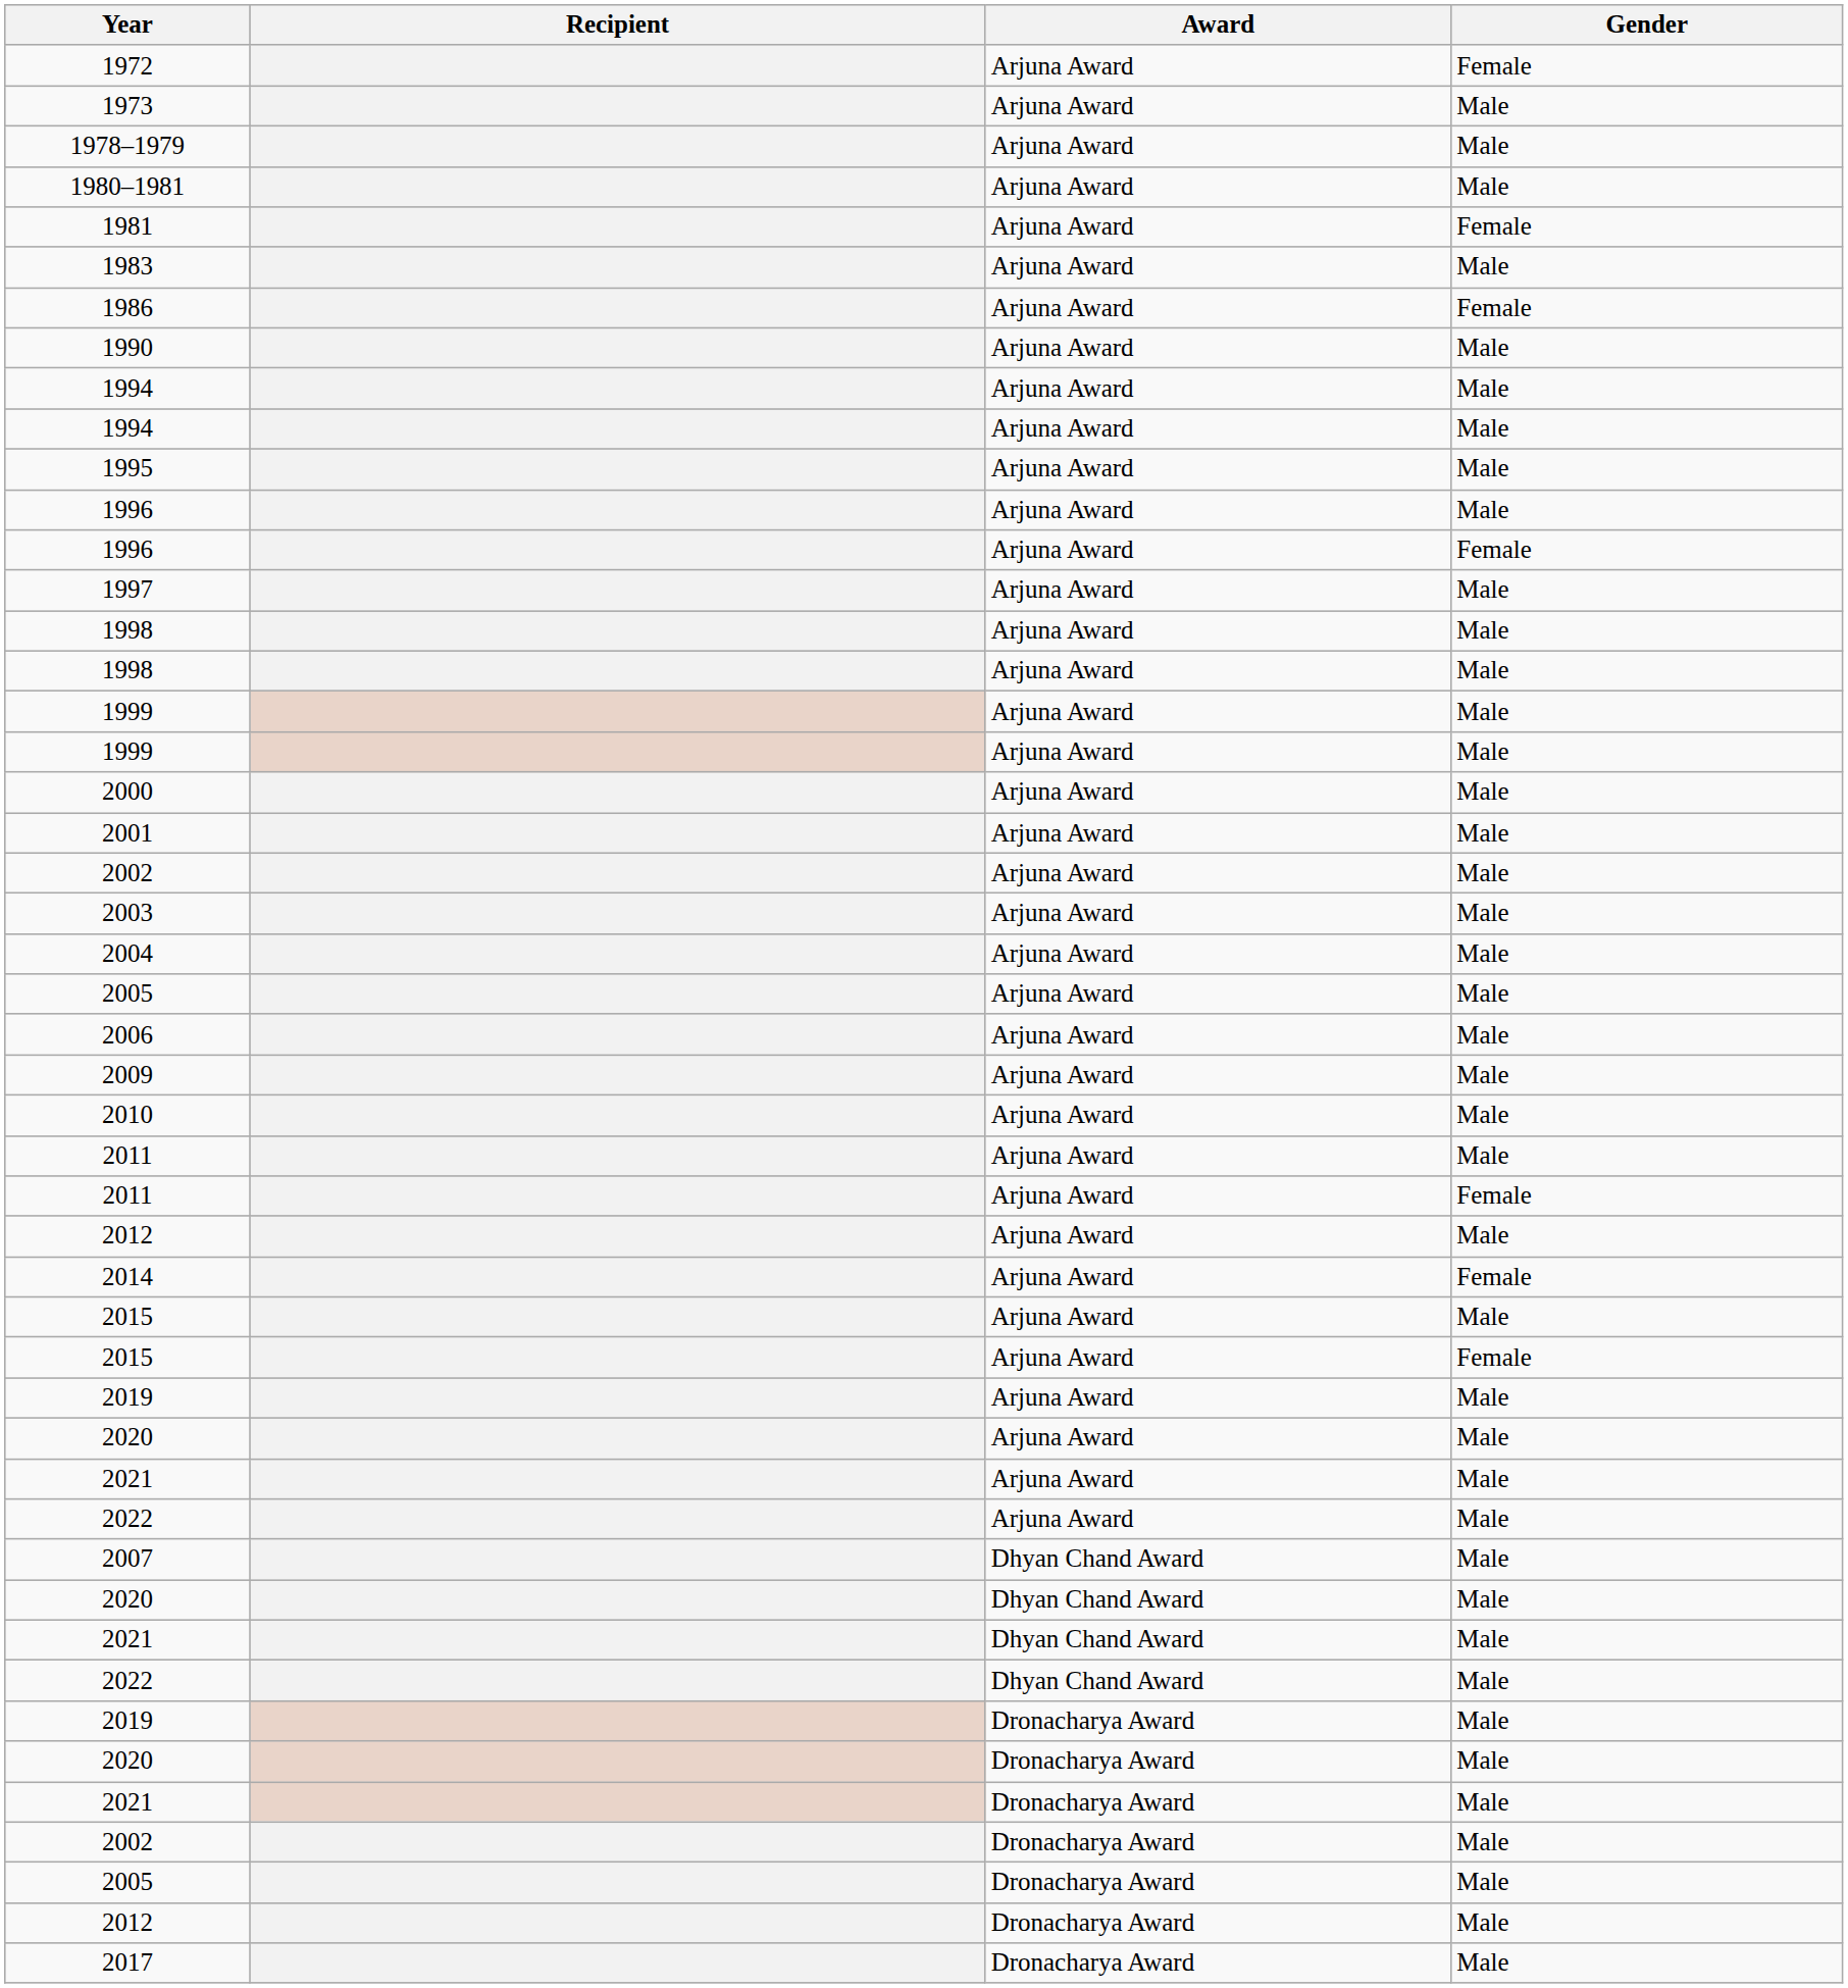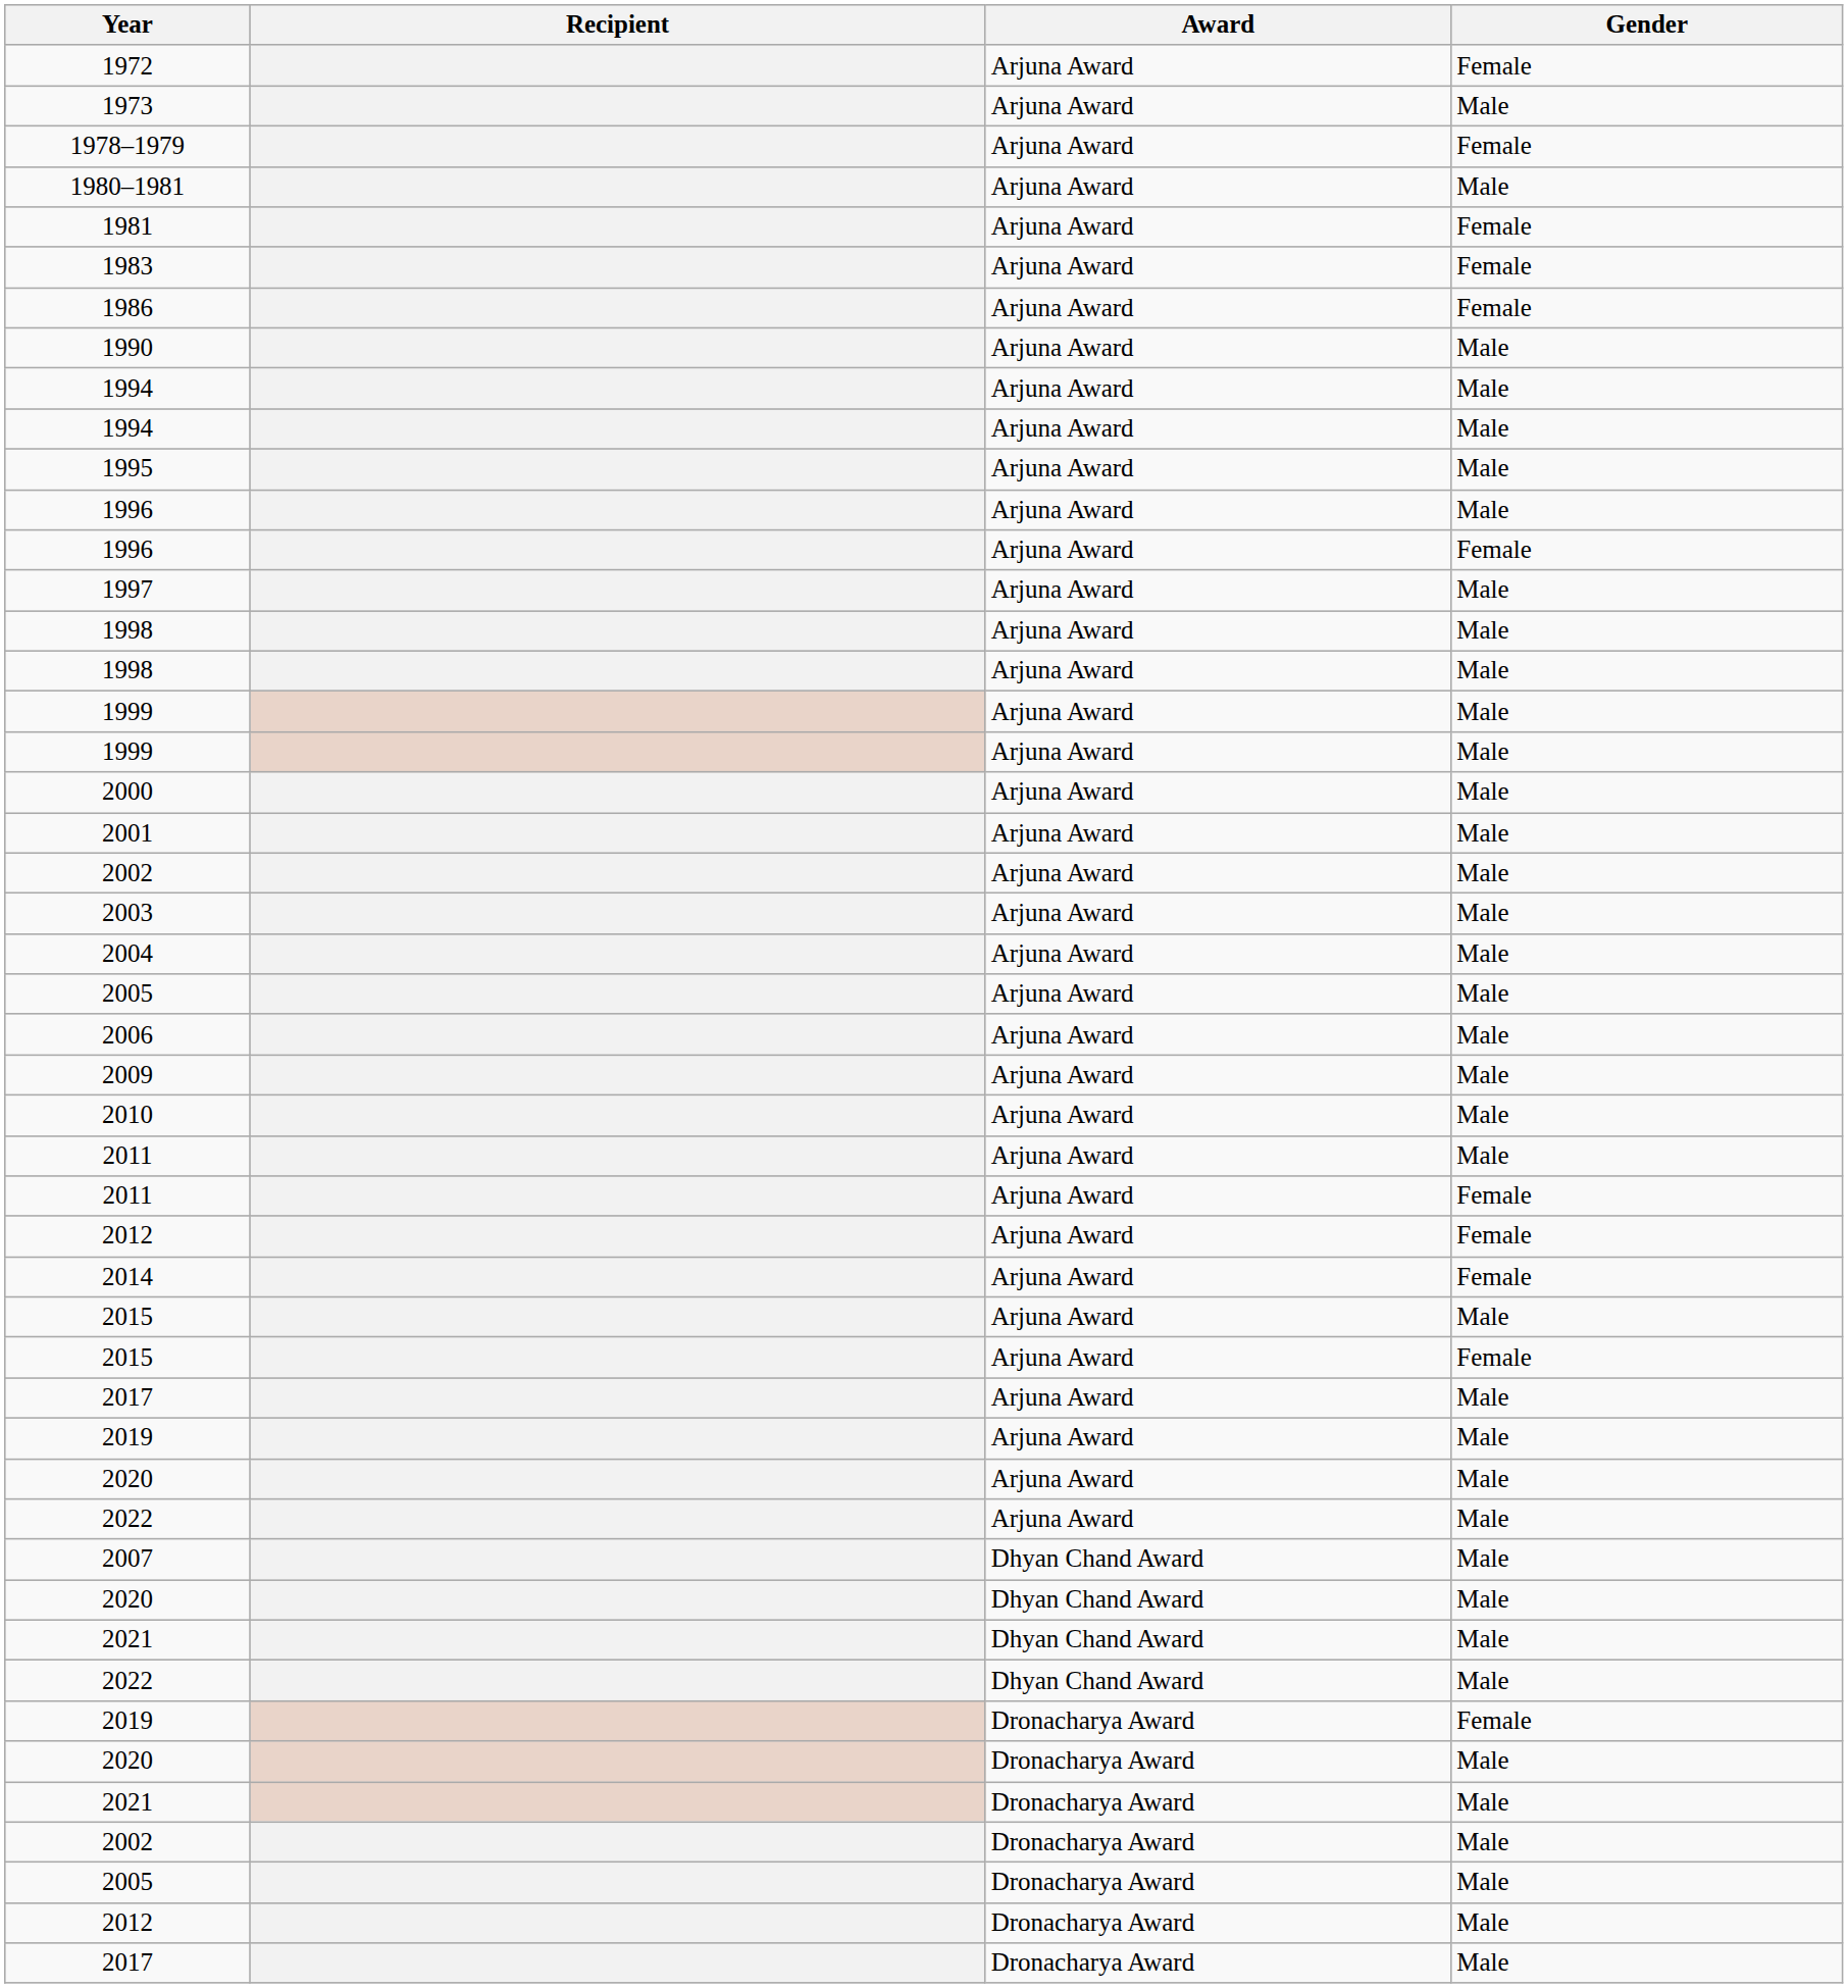 <table class="wikitable plainrowheaders sortable" style="width:73%">
 <tr>
 <th scope="col" style="width:10%">Year</th>
 <th scope="col" style="width:30%">Recipient</th>
 <th scope="col" style="width:19%">Award</th>
 <th scope="col" style="width:16%">Gender</th>
 </tr>
 <tr>
 <td style="text-align:center;">1972</td>
 <th scope="row"></th>
 <td>Arjuna Award</td>
 <td>Female</td>
 </tr>
 <tr>
 <td style="text-align:center;">1973</td>
 <th scope="row"></th>
 <td>Arjuna Award</td>
 <td>Male</td>
 </tr>
 <tr>
 <td style="text-align:center;">1978–1979</td>
 <th scope="row"></th>
 <td>Arjuna Award</td>
-<td>Male</td>
+<td>Female</td>
 </tr>
 <tr>
 <td style="text-align:center;">1980–1981</td>
 <th scope="row"></th>
 <td>Arjuna Award</td>
 <td>Male</td>
 </tr>
 <tr>
 <td style="text-align:center;">1981</td>
 <th scope="row"></th>
 <td>Arjuna Award</td>
 <td>Female</td>
 </tr>
 <tr>
 <td style="text-align:center;">1983</td>
 <th scope="row"></th>
 <td>Arjuna Award</td>
-<td>Male</td>
+<td>Female</td>
 </tr>
 <tr>
 <td style="text-align:center;">1986</td>
 <th scope="row"></th>
 <td>Arjuna Award</td>
 <td>Female</td>
 </tr>
 <tr>
 <td style="text-align:center;">1990</td>
 <th scope="row"></th>
 <td>Arjuna Award</td>
 <td>Male</td>
 </tr>
 <tr>
 <td style="text-align:center;">1994</td>
 <th scope="row"></th>
 <td>Arjuna Award</td>
 <td>Male</td>
 </tr>
 <tr>
 <td style="text-align:center;">1994</td>
 <th scope="row"></th>
 <td>Arjuna Award</td>
 <td>Male</td>
 </tr>
 <tr>
 <td style="text-align:center;">1995</td>
 <th scope="row"></th>
 <td>Arjuna Award</td>
 <td>Male</td>
 </tr>
 <tr>
 <td style="text-align:center;">1996</td>
 <th scope="row"></th>
 <td>Arjuna Award</td>
 <td>Male</td>
 </tr>
 <tr>
 <td style="text-align:center;">1996</td>
 <th scope="row"></th>
 <td>Arjuna Award</td>
 <td>Female</td>
 </tr>
 <tr>
 <td style="text-align:center;">1997</td>
 <th scope="row"></th>
 <td>Arjuna Award</td>
 <td>Male</td>
 </tr>
 <tr>
 <td style="text-align:center;">1998</td>
 <th scope="row"></th>
 <td>Arjuna Award</td>
 <td>Male</td>
 </tr>
 <tr>
 <td style="text-align:center;">1998</td>
 <th scope="row"></th>
 <td>Arjuna Award</td>
 <td>Male</td>
 </tr>
 <tr>
 <td style="text-align:center;">1999</td>
 <th scope="row" style="background-color:#E9D4C9"> </th>
 <td>Arjuna Award</td>
 <td>Male</td>
 </tr>
 <tr>
 <td style="text-align:center;">1999</td>
 <th scope="row" style="background-color:#E9D4C9"> </th>
 <td>Arjuna Award</td>
 <td>Male</td>
 </tr>
 <tr>
 <td style="text-align:center;">2000</td>
 <th scope="row"></th>
 <td>Arjuna Award</td>
 <td>Male</td>
 </tr>
 <tr>
 <td style="text-align:center;">2001</td>
 <th scope="row"></th>
 <td>Arjuna Award</td>
 <td>Male</td>
 </tr>
 <tr>
 <td style="text-align:center;">2002</td>
 <th scope="row"></th>
 <td>Arjuna Award</td>
 <td>Male</td>
 </tr>
 <tr>
 <td style="text-align:center;">2003</td>
 <th scope="row"></th>
 <td>Arjuna Award</td>
 <td>Male</td>
 </tr>
 <tr>
 <td style="text-align:center;">2004</td>
 <th scope="row"></th>
 <td>Arjuna Award</td>
 <td>Male</td>
 </tr>
 <tr>
 <td style="text-align:center;">2005</td>
 <th scope="row"></th>
 <td>Arjuna Award</td>
 <td>Male</td>
 </tr>
 <tr>
 <td style="text-align:center;">2006</td>
 <th scope="row"></th>
 <td>Arjuna Award</td>
 <td>Male</td>
 </tr>
 <tr>
 <td style="text-align:center;">2009</td>
 <th scope="row"></th>
 <td>Arjuna Award</td>
 <td>Male</td>
 </tr>
 <tr>
 <td style="text-align:center;">2010</td>
 <th scope="row"></th>
 <td>Arjuna Award</td>
 <td>Male</td>
 </tr>
 <tr>
 <td style="text-align:center;">2011</td>
 <th scope="row"></th>
 <td>Arjuna Award</td>
 <td>Male</td>
 </tr>
 <tr>
 <td style="text-align:center;">2011</td>
 <th scope="row"></th>
 <td>Arjuna Award</td>
 <td>Female</td>
 </tr>
 <tr>
 <td style="text-align:center;">2012</td>
 <th scope="row"></th>
 <td>Arjuna Award</td>
-<td>Male</td>
+<td>Female</td>
 </tr>
 <tr>
 <td style="text-align:center;">2014</td>
 <th scope="row"></th>
 <td>Arjuna Award</td>
 <td>Female</td>
 </tr>
 <tr>
 <td style="text-align:center;">2015</td>
 <th scope="row"></th>
 <td>Arjuna Award</td>
 <td>Male</td>
 </tr>
 <tr>
 <td style="text-align:center;">2015</td>
 <th scope="row"></th>
 <td>Arjuna Award</td>
 <td>Female</td>
 </tr>
 <tr>
+<td style="text-align:center;">2017</td>
+<th scope="row"></th>
+<td>Arjuna Award</td>
+<td>Male</td>
+</tr>
+<tr>
 <td style="text-align:center;">2019</td>
 <th scope="row"></th>
 <td>Arjuna Award</td>
 <td>Male</td>
 </tr>
 <tr>
 <td style="text-align:center;">2020</td>
-<th scope="row"></th>
-<td>Arjuna Award</td>
-<td>Male</td>
-</tr>
-<tr>
-<td style="text-align:center;">2021</td>
 <th scope="row"></th>
 <td>Arjuna Award</td>
 <td>Male</td>
 </tr>
 <tr>
 <td style="text-align:center;">2022</td>
 <th scope="row"></th>
 <td>Arjuna Award</td>
 <td>Male</td>
 </tr>
 <tr>
 <td style="text-align:center;">2007</td>
 <th scope="row"></th>
 <td>Dhyan Chand Award</td>
 <td>Male</td>
 </tr>
 <tr>
 <td style="text-align:center;">2020</td>
 <th scope="row"></th>
 <td>Dhyan Chand Award</td>
 <td>Male</td>
 </tr>
 <tr>
 <td style="text-align:center;">2021</td>
 <th scope="row"></th>
 <td>Dhyan Chand Award</td>
 <td>Male</td>
 </tr>
 <tr>
 <td style="text-align:center;">2022</td>
 <th scope="row"></th>
 <td>Dhyan Chand Award</td>
 <td>Male</td>
 </tr>
 <tr>
 <td style="text-align:center;">2019</td>
 <th scope="row" style="background-color:#E9D4C9"> </th>
 <td>Dronacharya Award</td>
-<td>Male</td>
+<td>Female</td>
 </tr>
 <tr>
 <td style="text-align:center;">2020</td>
 <th scope="row" style="background-color:#E9D4C9"> </th>
 <td>Dronacharya Award</td>
 <td>Male</td>
 </tr>
 <tr>
 <td style="text-align:center;">2021</td>
 <th scope="row" style="background-color:#E9D4C9"> </th>
 <td>Dronacharya Award</td>
 <td>Male</td>
 </tr>
 <tr>
 <td style="text-align:center;">2002</td>
 <th scope="row"></th>
 <td>Dronacharya Award</td>
 <td>Male</td>
 </tr>
 <tr>
 <td style="text-align:center;">2005</td>
 <th scope="row"></th>
 <td>Dronacharya Award</td>
 <td>Male</td>
 </tr>
 <tr>
 <td style="text-align:center;">2012</td>
 <th scope="row"></th>
 <td>Dronacharya Award</td>
 <td>Male</td>
 </tr>
 <tr>
 <td style="text-align:center;">2017</td>
 <th scope="row"></th>
 <td>Dronacharya Award</td>
 <td>Male</td>
 </tr>
 </table>
